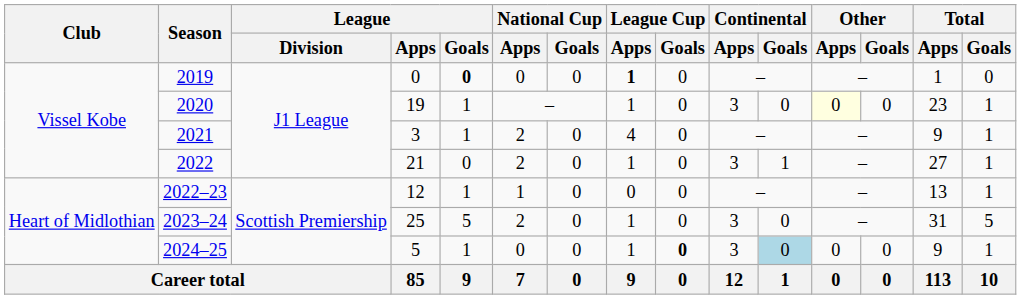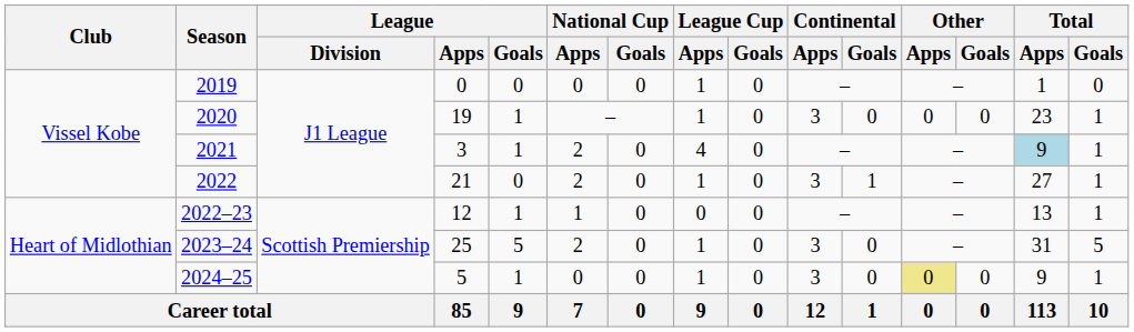 <table class="wikitable" style="text-align: center">
 <tr>
 <th rowspan="2">Club</th>
 <th rowspan="2">Season</th>
 <th colspan="3">League</th>
 <th colspan="2">National Cup</th>
 <th colspan="2">League Cup</th>
 <th colspan="2">Continental</th>
 <th colspan="2">Other</th>
 <th colspan="2">Total</th>
 </tr>
 <tr>
 <th>Division</th>
 <th>Apps</th>
 <th>Goals</th>
 <th>Apps</th>
 <th>Goals</th>
 <th>Apps</th>
 <th>Goals</th>
 <th>Apps</th>
 <th>Goals</th>
 <th>Apps</th>
 <th>Goals</th>
 <th>Apps</th>
 <th>Goals</th>
 </tr>
 <tr>
 <td rowspan="4"><a href='#'>Vissel Kobe</a></td>
 <td><a href='#'>2019</a></td>
 <td rowspan="4"><a href='#'>J1 League</a></td>
 <td>0</td>
-<td><strong>0</strong></td>
 <td>0</td>
 <td>0</td>
-<td><strong>1</strong></td>
+<td>0</td>
+<td>1</td>
 <td>0</td>
 <td colspan="2">–</td>
 <td colspan=2>–</td>
 <td>1</td>
 <td>0</td>
 </tr>
 <tr>
 <td><a href='#'>2020</a></td>
 <td>19</td>
 <td>1</td>
 <td colspan=2>–</td>
 <td>1</td>
 <td>0</td>
 <td>3</td>
 <td>0</td>
-<td style="background: lightyellow;">0</td>
+<td>0</td>
 <td>0</td>
 <td>23</td>
 <td>1</td>
 </tr>
 <tr>
 <td><a href='#'>2021</a></td>
 <td>3</td>
 <td>1</td>
 <td>2</td>
 <td>0</td>
 <td>4</td>
 <td>0</td>
 <td colspan="2">–</td>
 <td colspan="2">–</td>
-<td>9</td>
+<td style="background: lightblue;">9</td>
 <td>1</td>
 </tr>
 <tr>
 <td><a href='#'>2022</a></td>
 <td>21</td>
 <td>0</td>
 <td>2</td>
 <td>0</td>
 <td>1</td>
 <td>0</td>
 <td>3</td>
 <td>1</td>
 <td colspan="2">–</td>
 <td>27</td>
 <td>1</td>
 </tr>
 <tr>
 <td rowspan="3"><a href='#'>Heart of Midlothian</a></td>
 <td><a href='#'>2022–23</a></td>
 <td rowspan="3"><a href='#'>Scottish Premiership</a></td>
 <td>12</td>
 <td>1</td>
 <td>1</td>
 <td>0</td>
 <td>0</td>
 <td>0</td>
 <td colspan="2">–</td>
 <td colspan=2>–</td>
 <td>13</td>
 <td>1</td>
 </tr>
 <tr>
 <td><a href='#'>2023–24</a></td>
 <td>25</td>
 <td>5</td>
 <td>2</td>
 <td>0</td>
 <td>1</td>
 <td>0</td>
 <td>3</td>
 <td>0</td>
 <td colspan=2>–</td>
 <td>31</td>
 <td>5</td>
 </tr>
 <tr>
 <td><a href='#'>2024–25</a></td>
 <td>5</td>
 <td>1</td>
 <td>0</td>
 <td>0</td>
 <td>1</td>
-<td><strong>0</strong></td>
+<td>0</td>
 <td>3</td>
-<td style="background: lightblue;">0</td>
 <td>0</td>
+<td style="background: khaki;">0</td>
 <td>0</td>
 <td>9</td>
 <td>1</td>
 </tr>
 <tr>
 <th colspan="3">Career total</th>
 <th>85</th>
 <th>9</th>
 <th>7</th>
 <th>0</th>
 <th>9</th>
 <th>0</th>
 <th>12</th>
 <th>1</th>
 <th>0</th>
 <th>0</th>
 <th>113</th>
 <th>10</th>
 </tr>
 </table>
